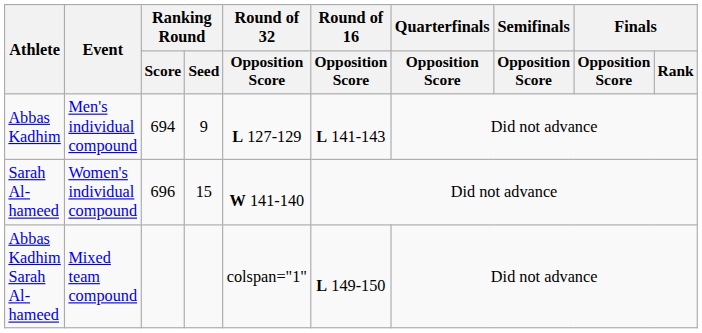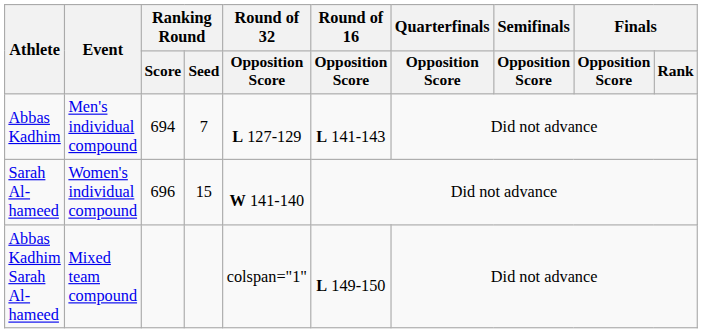 <table class="wikitable" style="text-align: center; font-size:90%">
 <tr>
 <th rowspan="2">Athlete</th>
 <th rowspan="2">Event</th>
 <th colspan="2">Ranking Round</th>
 <th>Round of 32</th>
 <th>Round of 16</th>
 <th>Quarterfinals</th>
 <th>Semifinals</th>
 <th colspan="2">Finals</th>
 </tr>
 <tr style="font-size:95%">
 <th>Score</th>
 <th>Seed</th>
 <th>Opposition<br>Score</th>
 <th>Opposition<br>Score</th>
 <th>Opposition<br>Score</th>
 <th>Opposition<br>Score</th>
 <th>Opposition<br>Score</th>
 <th>Rank</th>
 </tr>
 <tr>
 <td align=left><a href='#'>Abbas Kadhim</a></td>
 <td align=left><a href='#'>Men's individual compound</a></td>
 <td>694</td>
-<td>9</td>
+<td>7</td>
 <td><br><strong>L</strong> 127-129</td>
 <td><br><strong>L</strong> 141-143</td>
 <td colspan=4>Did not advance</td>
 </tr>
 <tr>
 <td align=left><a href='#'>Sarah Al-hameed</a></td>
 <td align=left><a href='#'>Women's individual compound</a></td>
 <td>696</td>
 <td>15</td>
 <td><br><strong>W</strong> 141-140</td>
 <td colspan=5>Did not advance</td>
 </tr>
 <tr>
 <td align=left><a href='#'>Abbas Kadhim</a><br><a href='#'>Sarah Al-hameed</a></td>
 <td align=left><a href='#'>Mixed team compound</a></td>
 <td></td>
 <td></td>
 <td>colspan="1" </td>
 <td><br><strong>L</strong> 149-150</td>
 <td colspan=4>Did not advance</td>
 </tr>
 </table>
